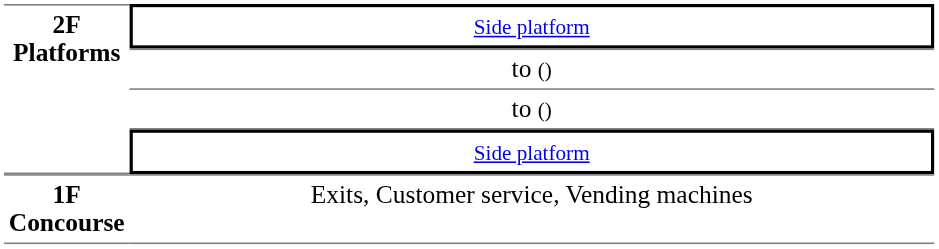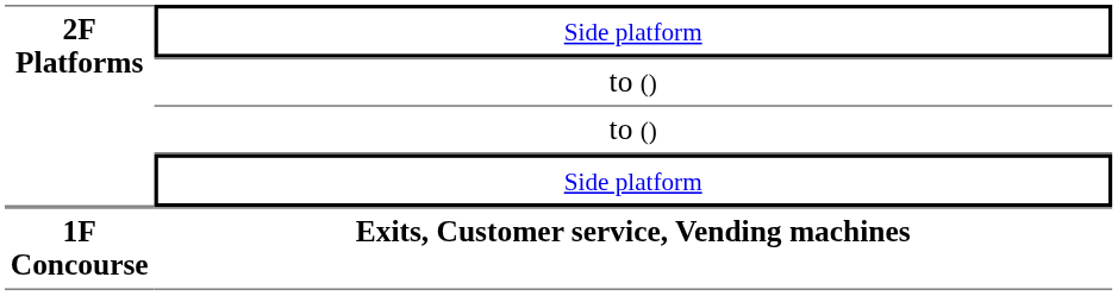 <table table border=0 cellspacing=0 cellpadding=3>
 <tr>
 <td style="border-bottom:solid 1px gray; border-top:solid 1px gray;text-align:center" rowspan="4" valign=top><strong>2F<br>Platforms</strong></td>
 <td style="border-right:solid 2px black;border-left:solid 2px black;border-top:solid 2px black;border-bottom:solid 2px black;text-align:center;" colspan=2><small><a href='#'>Side platform</a></small></td>
 </tr>
 <tr>
 <td style="border-bottom:solid 1px gray; border-top:solid 1px gray;text-align:center;">  to  <small>()</small></td>
 </tr>
 <tr>
 <td style="border-bottom:solid 1px gray;text-align:center;"> to  <small>()</small> </td>
 </tr>
 <tr>
 <td style="border-right:solid 2px black;border-left:solid 2px black;border-top:solid 2px black;border-bottom:solid 2px black;text-align:center;" colspan=2><small><a href='#'>Side platform</a></small></td>
 </tr>
 <tr>
 <td style="border-bottom:solid 1px gray; border-top:solid 1px gray;text-align:center" valign=top><strong>1F<br>Concourse</strong></td>
-<td style="border-bottom:solid 1px gray; border-top:solid 1px gray;text-align:center;" valign=top width=500>Exits, Customer service, Vending machines</td>
+<td style="border-bottom:solid 1px gray; border-top:solid 1px gray;text-align:center;" valign=top width=500><strong>Exits, Customer service, Vending machines</strong></td>
 </tr>
 </table>
